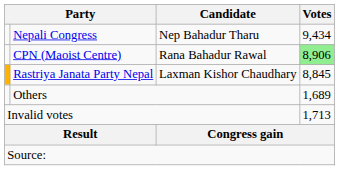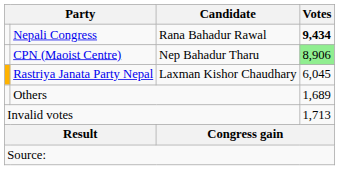 <table class="wikitable">
 <tr>
 <th colspan="2">Party</th>
 <th>Candidate</th>
 <th>Votes</th>
 </tr>
 <tr>
 <td style="background-color:"></td>
 <td><a href='#'>Nepali Congress</a></td>
-<td>Nep Bahadur Tharu</td>
-<td>9,434</td>
+<td>Rana Bahadur Rawal</td>
+<td><strong>9,434</strong></td>
 </tr>
 <tr>
 <td style="background-color:"></td>
 <td><a href='#'>CPN (Maoist Centre)</a></td>
-<td>Rana Bahadur Rawal</td>
+<td>Nep Bahadur Tharu</td>
 <td style="background: lightgreen;">8,906</td>
 </tr>
 <tr>
 <td style="background-color:#ffb300"></td>
 <td><a href='#'>Rastriya Janata Party Nepal</a></td>
 <td>Laxman Kishor Chaudhary</td>
-<td>8,845</td>
+<td>6,045</td>
 </tr>
 <tr>
 <td></td>
 <td colspan="2">Others</td>
 <td>1,689</td>
 </tr>
 <tr>
 <td colspan="3">Invalid votes</td>
 <td>1,713</td>
 </tr>
 <tr>
 <th colspan="2">Result</th>
 <th colspan="2">Congress gain</th>
 </tr>
 <tr>
 <td colspan="4">Source: </td>
 </tr>
 </table>
